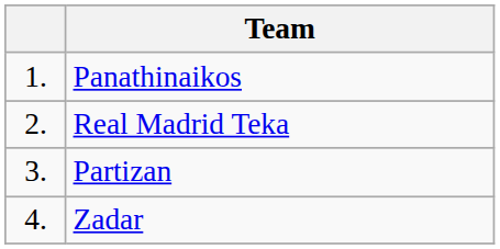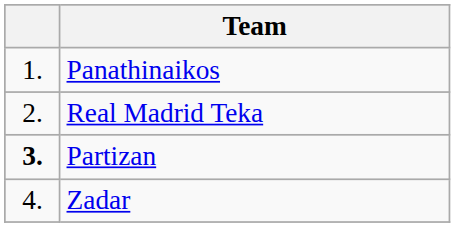 <table class="wikitable" style="text-align:center">
 <tr>
 <th width=25></th>
 <th width=220>Team</th>
 </tr>
 <tr>
 <td>1.</td>
 <td align=left> <a href='#'>Panathinaikos</a></td>
 </tr>
 <tr>
 <td>2.</td>
 <td align=left> <a href='#'>Real Madrid Teka</a></td>
 </tr>
 <tr>
-<td>3.</td>
+<td><strong>3.</strong></td>
 <td align=left> <a href='#'>Partizan</a></td>
 </tr>
 <tr>
 <td>4.</td>
 <td align=left> <a href='#'>Zadar</a></td>
 </tr>
 </table>
